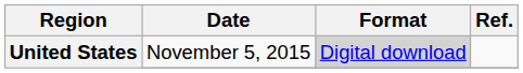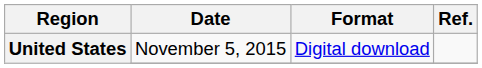 <table class="wikitable plainrowheaders">
 <tr>
 <th>Region</th>
 <th>Date</th>
 <th>Format</th>
 <th>Ref.</th>
 </tr>
 <tr>
 <th scope="row" rowspan="2">United States</th>
 <td rowspan="1">November 5, 2015</td>
-<td rowspan="1" style="background: lightgrey;"><a href='#'>Digital download</a></td>
+<td rowspan="1"><a href='#'>Digital download</a></td>
 <td><br></td>
 </tr>
 <tr>
 </tr>
 </table>
